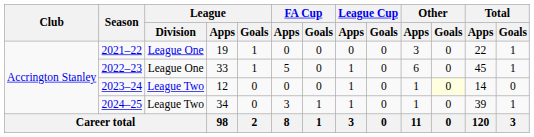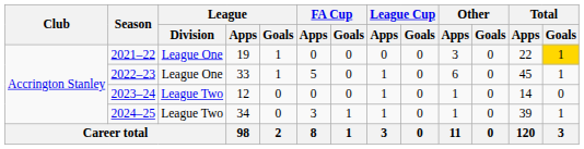 <table class="wikitable" style="text-align:center">
 <tr>
 <th rowspan="2">Club</th>
 <th rowspan="2">Season</th>
 <th colspan="3">League</th>
 <th colspan="2"><a href='#'>FA Cup</a></th>
 <th colspan="2"><a href='#'>League Cup</a></th>
 <th colspan="2">Other</th>
 <th colspan="2">Total</th>
 </tr>
 <tr>
 <th>Division</th>
 <th>Apps</th>
 <th>Goals</th>
 <th>Apps</th>
 <th>Goals</th>
 <th>Apps</th>
 <th>Goals</th>
 <th>Apps</th>
 <th>Goals</th>
 <th>Apps</th>
 <th>Goals</th>
 </tr>
 <tr>
 <td rowspan=4><a href='#'>Accrington Stanley</a></td>
 <td><a href='#'>2021–22</a></td>
 <td><a href='#'>League One</a></td>
 <td>19</td>
 <td>1</td>
 <td>0</td>
 <td>0</td>
 <td>0</td>
 <td>0</td>
 <td>3</td>
 <td>0</td>
 <td>22</td>
-<td>1</td>
+<td style="background: gold;">1</td>
 </tr>
 <tr>
 <td><a href='#'>2022–23</a></td>
 <td>League One</td>
 <td>33</td>
 <td>1</td>
 <td>5</td>
 <td>0</td>
 <td>1</td>
 <td>0</td>
 <td>6</td>
 <td>0</td>
 <td>45</td>
 <td>1</td>
 </tr>
 <tr>
 <td><a href='#'>2023–24</a></td>
 <td><a href='#'>League Two</a></td>
 <td>12</td>
 <td>0</td>
 <td>0</td>
 <td>0</td>
 <td>1</td>
 <td>0</td>
 <td>1</td>
-<td style="background: lightyellow;">0</td>
+<td>0</td>
 <td>14</td>
 <td>0</td>
 </tr>
 <tr>
 <td><a href='#'>2024–25</a></td>
 <td>League Two</td>
 <td>34</td>
 <td>0</td>
 <td>3</td>
 <td>1</td>
 <td>1</td>
 <td>0</td>
 <td>1</td>
 <td>0</td>
 <td>39</td>
 <td>1</td>
 </tr>
 <tr>
 <th colspan="3">Career total</th>
 <th>98</th>
 <th>2</th>
 <th>8</th>
 <th>1</th>
 <th>3</th>
 <th>0</th>
 <th>11</th>
 <th>0</th>
 <th>120</th>
 <th>3</th>
 </tr>
 </table>
